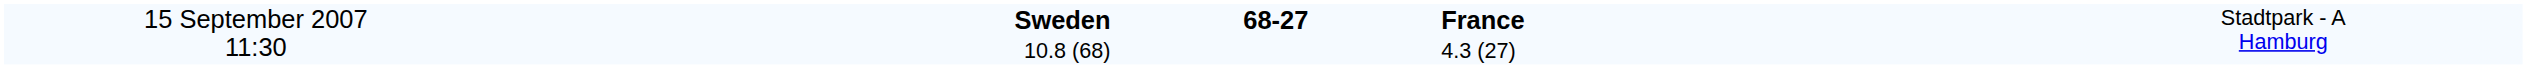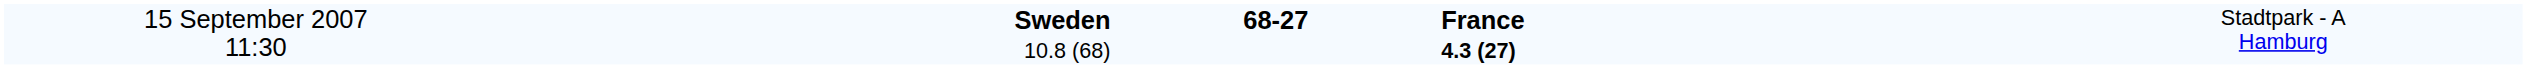 <table style="width: 100%; background:#F5FAFF;" cellspacing="0">
 <tr>
 <td align=center rowspan=3 width=20%>15 September 2007<br>11:30</td>
 </tr>
 <tr>
 <td width=24% align=right><strong>Sweden</strong></td>
 <td align=center width=13%><strong>68-27</strong></td>
 <td width=24%><strong>France</strong></td>
 <td style=font-size:85% rowspan=3 valign=top align=center>Stadtpark - A <br><a href='#'>Hamburg</a></td>
 </tr>
 <tr style=font-size:85%>
 <td align=right>10.8 (68)</td>
 <td align=center></td>
-<td>4.3 (27)</td>
+<td><strong>4.3 (27)</strong></td>
 </tr>
 </table>
